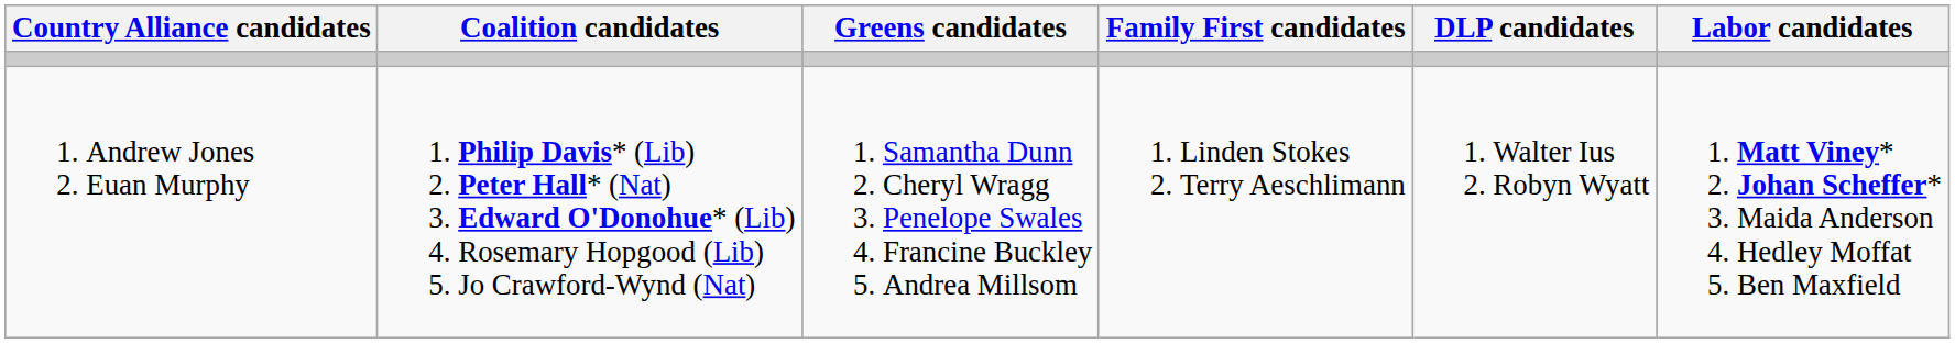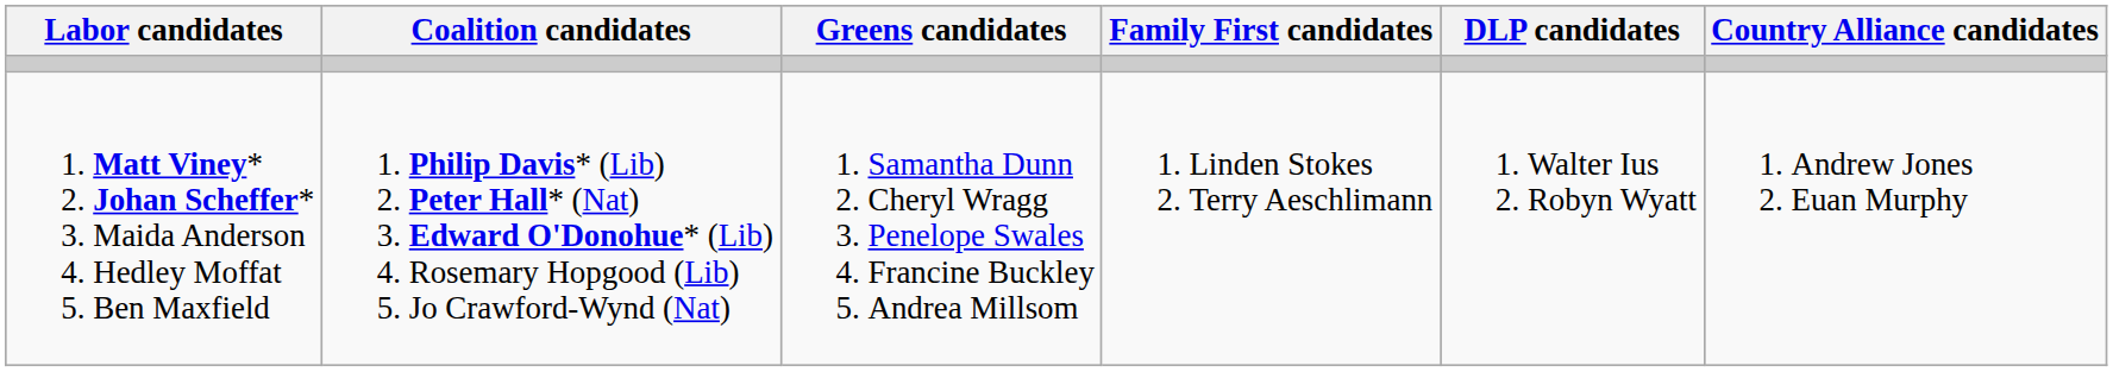 <table class="wikitable">
 <tr>
-<th><a href='#'>Country Alliance</a> candidates</th>
+<th><a href='#'>Labor</a> candidates</th>
 <th><a href='#'>Coalition</a> candidates</th>
 <th><a href='#'>Greens</a> candidates</th>
 <th><a href='#'>Family First</a> candidates</th>
 <th><a href='#'>DLP</a> candidates</th>
-<th><a href='#'>Labor</a> candidates</th>
+<th><a href='#'>Country Alliance</a> candidates</th>
 </tr>
 <tr bgcolor="#cccccc">
 <td></td>
 <td></td>
 <td></td>
 <td></td>
 <td></td>
 <td></td>
 </tr>
 <tr>
-<td valign=top><br><ol><li>Andrew Jones</li><li>Euan Murphy</li></ol></td>
+<td><br><ol><li><strong><a href='#'>Matt Viney</a></strong>*</li><li><strong><a href='#'>Johan Scheffer</a></strong>*</li><li>Maida Anderson</li><li>Hedley Moffat</li><li>Ben Maxfield</li></ol></td>
 <td><br><ol><li><strong><a href='#'>Philip Davis</a></strong>* (<a href='#'>Lib</a>)</li><li><strong><a href='#'>Peter Hall</a></strong>* (<a href='#'>Nat</a>)</li><li><strong><a href='#'>Edward O'Donohue</a></strong>* (<a href='#'>Lib</a>)</li><li>Rosemary Hopgood (<a href='#'>Lib</a>)</li><li>Jo Crawford-Wynd (<a href='#'>Nat</a>)</li></ol></td>
 <td valign=top><br><ol><li><a href='#'>Samantha Dunn</a></li><li>Cheryl Wragg</li><li><a href='#'>Penelope Swales</a></li><li>Francine Buckley</li><li>Andrea Millsom</li></ol></td>
 <td valign=top><br><ol><li>Linden Stokes</li><li>Terry Aeschlimann</li></ol></td>
 <td valign=top><br><ol><li>Walter Ius</li><li>Robyn Wyatt</li></ol></td>
-<td><br><ol><li><strong><a href='#'>Matt Viney</a></strong>*</li><li><strong><a href='#'>Johan Scheffer</a></strong>*</li><li>Maida Anderson</li><li>Hedley Moffat</li><li>Ben Maxfield</li></ol></td>
+<td valign=top><br><ol><li>Andrew Jones</li><li>Euan Murphy</li></ol></td>
 </tr>
 </table>
